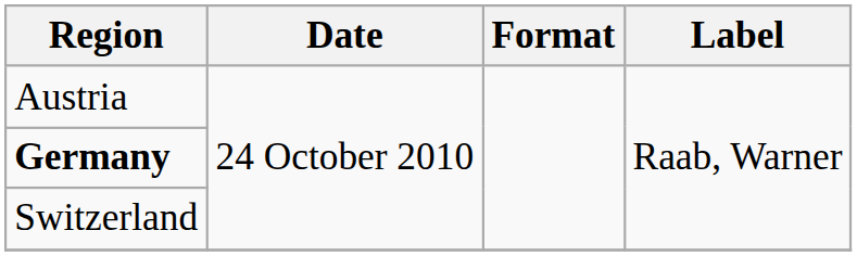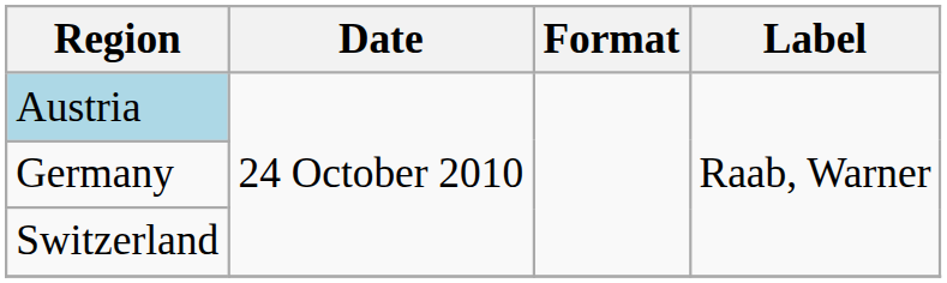 <table class="wikitable">
 <tr>
 <th scope="col">Region</th>
 <th scope="col">Date</th>
 <th scope="col">Format</th>
 <th scope="col">Label</th>
 </tr>
 <tr>
-<td>Austria</td>
+<td style="background: lightblue;">Austria</td>
 <td rowspan="3">24 October 2010</td>
 <td rowspan="3"></td>
 <td rowspan="3">Raab, Warner</td>
 </tr>
 <tr>
-<td><strong>Germany</strong></td>
+<td>Germany</td>
 </tr>
 <tr>
 <td>Switzerland</td>
 </tr>
 <tr>
 </tr>
 </table>
